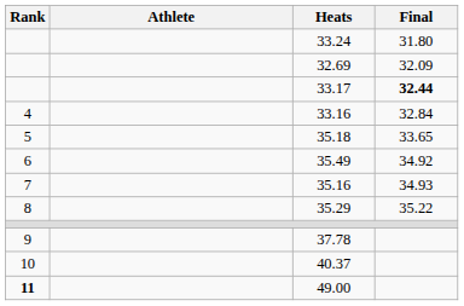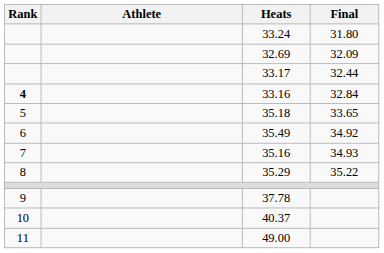 <table class=wikitable style="text-align:center">
 <tr>
 <th width=40>Rank</th>
 <th width=250>Athlete</th>
 <th width=80>Heats</th>
 <th width=80>Final</th>
 </tr>
 <tr>
 <td></td>
 <td align=left></td>
 <td>33.24</td>
 <td>31.80</td>
 </tr>
 <tr>
 <td></td>
 <td align=left></td>
 <td>32.69</td>
 <td>32.09</td>
 </tr>
 <tr>
 <td></td>
 <td align=left></td>
 <td>33.17</td>
-<td><strong>32.44</strong></td>
+<td>32.44</td>
 </tr>
 <tr>
-<td>4</td>
+<td><strong>4</strong></td>
 <td align=left></td>
 <td>33.16</td>
 <td>32.84</td>
 </tr>
 <tr>
 <td>5</td>
 <td align=left></td>
 <td>35.18</td>
 <td>33.65</td>
 </tr>
 <tr>
 <td>6</td>
 <td align=left></td>
 <td>35.49</td>
 <td>34.92</td>
 </tr>
 <tr>
 <td>7</td>
 <td align=left></td>
 <td>35.16</td>
 <td>34.93</td>
 </tr>
 <tr>
 <td>8</td>
 <td align=left></td>
 <td>35.29</td>
 <td>35.22</td>
 </tr>
 <tr bgcolor=#DDDDDD>
 <td colspan=4></td>
 </tr>
 <tr>
 <td>9</td>
 <td align=left></td>
 <td>37.78</td>
 <td></td>
 </tr>
 <tr>
 <td>10</td>
 <td align=left></td>
 <td>40.37</td>
 <td></td>
 </tr>
 <tr>
-<td><strong>11</strong></td>
+<td>11</td>
 <td align=left></td>
 <td>49.00</td>
 <td></td>
 </tr>
 </table>
